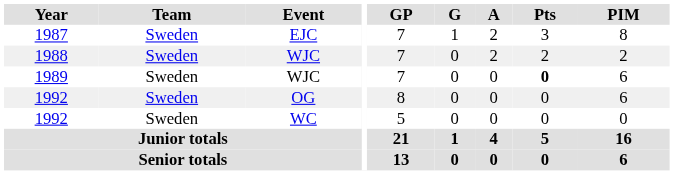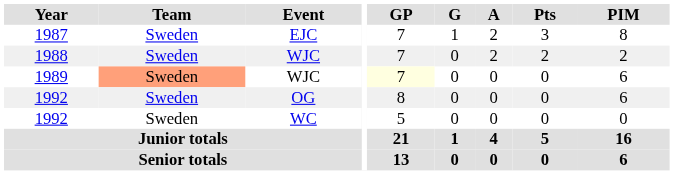 <table border="0" cellpadding="1" cellspacing="0" ID="Table3" style="text-align:center; width:40em">
 <tr ALIGN="center" bgcolor="#e0e0e0">
 <th>Year</th>
 <th>Team</th>
 <th>Event</th>
 <th rowspan="99" bgcolor="#ffffff"></th>
 <th>GP</th>
 <th>G</th>
 <th>A</th>
 <th>Pts</th>
 <th>PIM</th>
 </tr>
 <tr>
 <td><a href='#'>1987</a></td>
 <td><a href='#'>Sweden</a></td>
 <td><a href='#'>EJC</a></td>
 <td>7</td>
 <td>1</td>
 <td>2</td>
 <td>3</td>
 <td>8</td>
 </tr>
 <tr bgcolor="#f0f0f0">
 <td><a href='#'>1988</a></td>
 <td><a href='#'>Sweden</a></td>
 <td><a href='#'>WJC</a></td>
 <td>7</td>
 <td>0</td>
 <td>2</td>
 <td>2</td>
 <td>2</td>
 </tr>
 <tr>
 <td><a href='#'>1989</a></td>
-<td>Sweden</td>
+<td style="background: lightsalmon;">Sweden</td>
 <td>WJC</td>
-<td>7</td>
+<td style="background: lightyellow;">7</td>
 <td>0</td>
 <td>0</td>
-<td><strong>0</strong></td>
+<td>0</td>
 <td>6</td>
 </tr>
 <tr bgcolor="#f0f0f0">
 <td><a href='#'>1992</a></td>
 <td><a href='#'>Sweden</a></td>
 <td><a href='#'>OG</a></td>
 <td>8</td>
 <td>0</td>
 <td>0</td>
 <td>0</td>
 <td>6</td>
 </tr>
 <tr>
 <td><a href='#'>1992</a></td>
 <td>Sweden</td>
 <td><a href='#'>WC</a></td>
 <td>5</td>
 <td>0</td>
 <td>0</td>
 <td>0</td>
 <td>0</td>
 </tr>
 <tr bgcolor="#e0e0e0">
 <th colspan="3">Junior totals</th>
 <th>21</th>
 <th>1</th>
 <th>4</th>
 <th>5</th>
 <th>16</th>
 </tr>
 <tr bgcolor="#e0e0e0">
 <th colspan="3">Senior totals</th>
 <th>13</th>
 <th>0</th>
 <th>0</th>
 <th>0</th>
 <th>6</th>
 </tr>
 </table>
